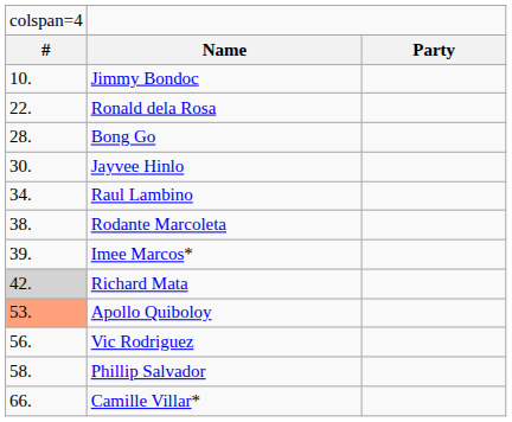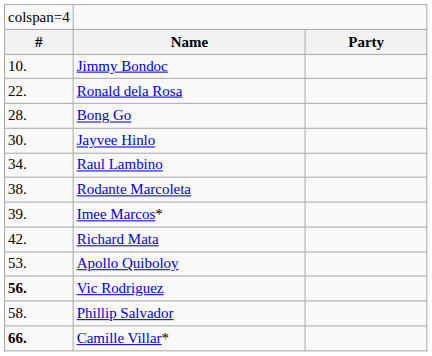 <table class=wikitable style="font-size:90%">
 <tr>
 <td>colspan=4 </td>
 </tr>
 <tr>
 <th>#</th>
 <th width=55%>Name</th>
 <th colspan=2 width=110px>Party</th>
 </tr>
 <tr>
 <td>10.</td>
 <td><a href='#'>Jimmy Bondoc</a></td>
 <td></td>
 </tr>
 <tr>
 <td>22.</td>
 <td><a href='#'>Ronald dela Rosa</a></td>
 <td></td>
 </tr>
 <tr>
 <td>28.</td>
 <td><a href='#'>Bong Go</a></td>
 <td></td>
 </tr>
 <tr>
 <td>30.</td>
 <td><a href='#'>Jayvee Hinlo</a></td>
 <td></td>
 </tr>
 <tr>
 <td>34.</td>
 <td><a href='#'>Raul Lambino</a></td>
 <td></td>
 </tr>
 <tr>
 <td>38.</td>
 <td><a href='#'>Rodante Marcoleta</a></td>
 <td></td>
 </tr>
 <tr>
 <td>39.</td>
 <td><a href='#'>Imee Marcos</a>*</td>
 <td></td>
 </tr>
 <tr>
-<td style="background: lightgrey;">42.</td>
+<td>42.</td>
 <td><a href='#'>Richard Mata</a></td>
 <td></td>
 </tr>
 <tr>
-<td style="background: lightsalmon;">53.</td>
+<td>53.</td>
 <td><a href='#'>Apollo Quiboloy</a></td>
 <td></td>
 </tr>
 <tr>
-<td>56.</td>
+<td><strong>56.</strong></td>
 <td><a href='#'>Vic Rodriguez</a></td>
 <td></td>
 </tr>
 <tr>
 <td>58.</td>
 <td><a href='#'>Phillip Salvador</a></td>
 <td></td>
 </tr>
 <tr>
-<td>66.</td>
+<td><strong>66.</strong></td>
 <td><a href='#'>Camille Villar</a>*</td>
 <td></td>
 </tr>
 </table>
